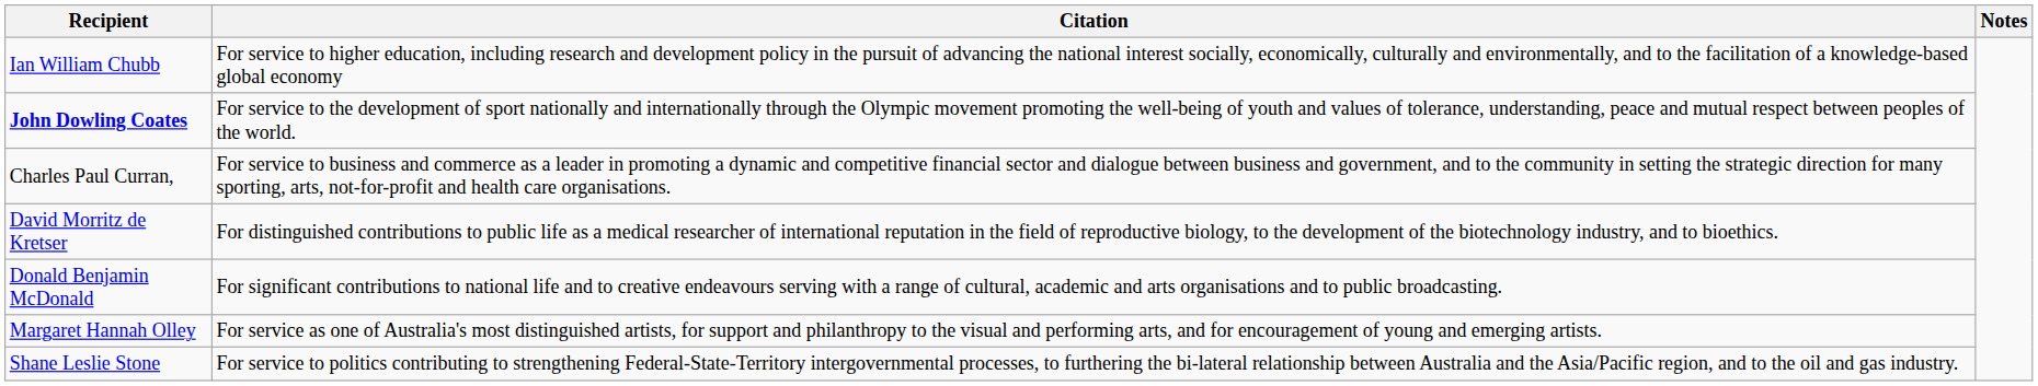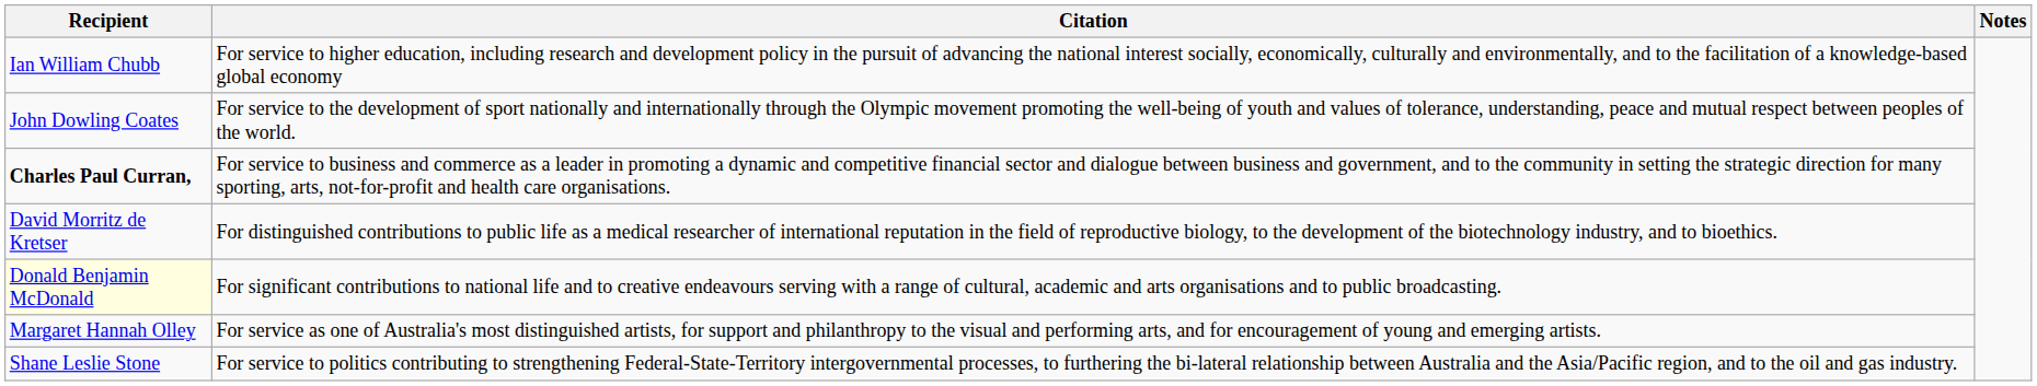 <table class="wikitable" style="font-size:95%;">
 <tr>
 <th>Recipient</th>
 <th>Citation</th>
 <th>Notes</th>
 </tr>
 <tr>
 <td> <a href='#'>Ian William Chubb</a></td>
 <td>For service to higher education, including research and development policy in the pursuit of advancing the national interest socially, economically, culturally and environmentally, and to the facilitation of a knowledge-based global economy</td>
 <td rowspan=7></td>
 </tr>
 <tr>
-<td><strong><a href='#'>John Dowling Coates</a></strong></td>
+<td><a href='#'>John Dowling Coates</a></td>
 <td>For service to the development of sport nationally and internationally through the Olympic movement promoting the well-being of youth and values of tolerance, understanding, peace and mutual respect between peoples of the world.</td>
 </tr>
 <tr>
-<td>Charles Paul Curran, </td>
+<td><strong>Charles Paul Curran, </strong></td>
 <td>For service to business and commerce as a leader in promoting a dynamic and competitive financial sector and dialogue between business and government, and to the community in setting the strategic direction for many sporting, arts, not-for-profit and health care organisations.</td>
 </tr>
 <tr>
 <td> <a href='#'>David Morritz de Kretser</a></td>
 <td>For distinguished contributions to public life as a medical researcher of international reputation in the field of reproductive biology, to the development of the biotechnology industry, and to bioethics.</td>
 </tr>
 <tr>
-<td><a href='#'>Donald Benjamin McDonald</a></td>
+<td style="background: lightyellow;"><a href='#'>Donald Benjamin McDonald</a></td>
 <td>For significant contributions to national life and to creative endeavours serving with a range of cultural, academic and arts organisations and to public broadcasting.</td>
 </tr>
 <tr>
 <td><a href='#'>Margaret Hannah Olley</a></td>
 <td>For service as one of Australia's most distinguished artists, for support and philanthropy to the visual and performing arts, and for encouragement of young and emerging artists.</td>
 </tr>
 <tr>
 <td> <a href='#'>Shane Leslie Stone</a></td>
 <td>For service to politics contributing to strengthening Federal-State-Territory intergovernmental processes, to furthering the bi-lateral relationship between Australia and the Asia/Pacific region, and to the oil and gas industry.</td>
 </tr>
 </table>
